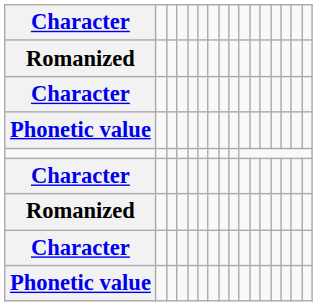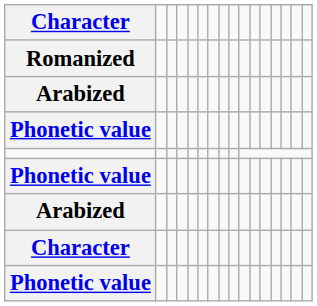 <table class="wikitable" style="text-align: center;">
 <tr>
 <th><a href='#'>Character</a></th>
 <td><big></big></td>
 <td><big></big></td>
 <td><big></big></td>
 <td><big></big></td>
 <td><big></big></td>
 <td><big></big></td>
 <td><big></big></td>
 <td><big></big></td>
 <td><big></big></td>
 <td><big></big></td>
 <td><big></big></td>
 <td><big></big></td>
 <td><big></big></td>
 <td><big></big></td>
 <td><big></big></td>
 </tr>
 <tr>
 <th>Romanized</th>
 <td></td>
 <td></td>
 <td></td>
 <td></td>
 <td></td>
 <td></td>
 <td></td>
 <td></td>
 <td></td>
 <td></td>
 <td></td>
 <td></td>
 <td></td>
 <td></td>
 <td></td>
 </tr>
 <tr>
-<th><a href='#'>Character</a></th>
+<th>Arabized</th>
 <td><big></big></td>
 <td><big></big></td>
 <td><big></big></td>
 <td><big></big></td>
 <td><big></big></td>
 <td><big></big></td>
 <td><big></big></td>
 <td><big></big></td>
 <td><big></big></td>
 <td><big></big></td>
 <td><big></big></td>
 <td><big></big></td>
 <td><big></big></td>
 <td><big></big></td>
 <td><big></big></td>
 </tr>
 <tr>
 <th><a href='#'>Phonetic value</a></th>
 <td></td>
 <td></td>
 <td></td>
 <td></td>
 <td></td>
 <td></td>
 <td></td>
 <td></td>
 <td></td>
 <td></td>
 <td></td>
 <td></td>
 <td></td>
 <td></td>
 <td></td>
 </tr>
 <tr>
 <td></td>
 <td></td>
 <td></td>
 <td></td>
 <td></td>
 <td></td>
 <td></td>
 <td></td>
 <td></td>
 </tr>
 <tr>
-<th><a href='#'>Character</a></th>
+<th><a href='#'>Phonetic value</a></th>
 <td><big></big></td>
 <td><big></big></td>
 <td><big></big></td>
 <td><big></big></td>
 <td><big></big></td>
 <td><big></big></td>
 <td><big></big></td>
 <td><big></big></td>
 <td><big></big></td>
 <td><big></big></td>
 <td><big></big></td>
 <td><big></big></td>
 <td><big></big></td>
 <td><big></big></td>
 <td><big></big></td>
 </tr>
 <tr>
-<th>Romanized</th>
+<th>Arabized</th>
 <td></td>
 <td></td>
 <td></td>
 <td></td>
 <td></td>
 <td></td>
 <td></td>
 <td></td>
 <td></td>
 <td></td>
 <td></td>
 <td></td>
 <td></td>
 <td></td>
 <td></td>
 </tr>
 <tr>
 <th><a href='#'>Character</a></th>
 <td><big></big></td>
 <td><big></big></td>
 <td><big></big></td>
 <td><big></big></td>
 <td><big></big></td>
 <td><big></big></td>
 <td><big></big></td>
 <td><big></big></td>
 <td><big></big></td>
 <td><big></big></td>
 <td><big></big></td>
 <td><big></big></td>
 <td><big></big></td>
 <td><big></big></td>
 <td><big></big></td>
 </tr>
 <tr>
 <th><a href='#'>Phonetic value</a></th>
 <td></td>
 <td></td>
 <td></td>
 <td></td>
 <td></td>
 <td></td>
 <td></td>
 <td></td>
 <td></td>
 <td></td>
 <td></td>
 <td></td>
 <td></td>
 <td></td>
 <td></td>
 </tr>
 </table>
